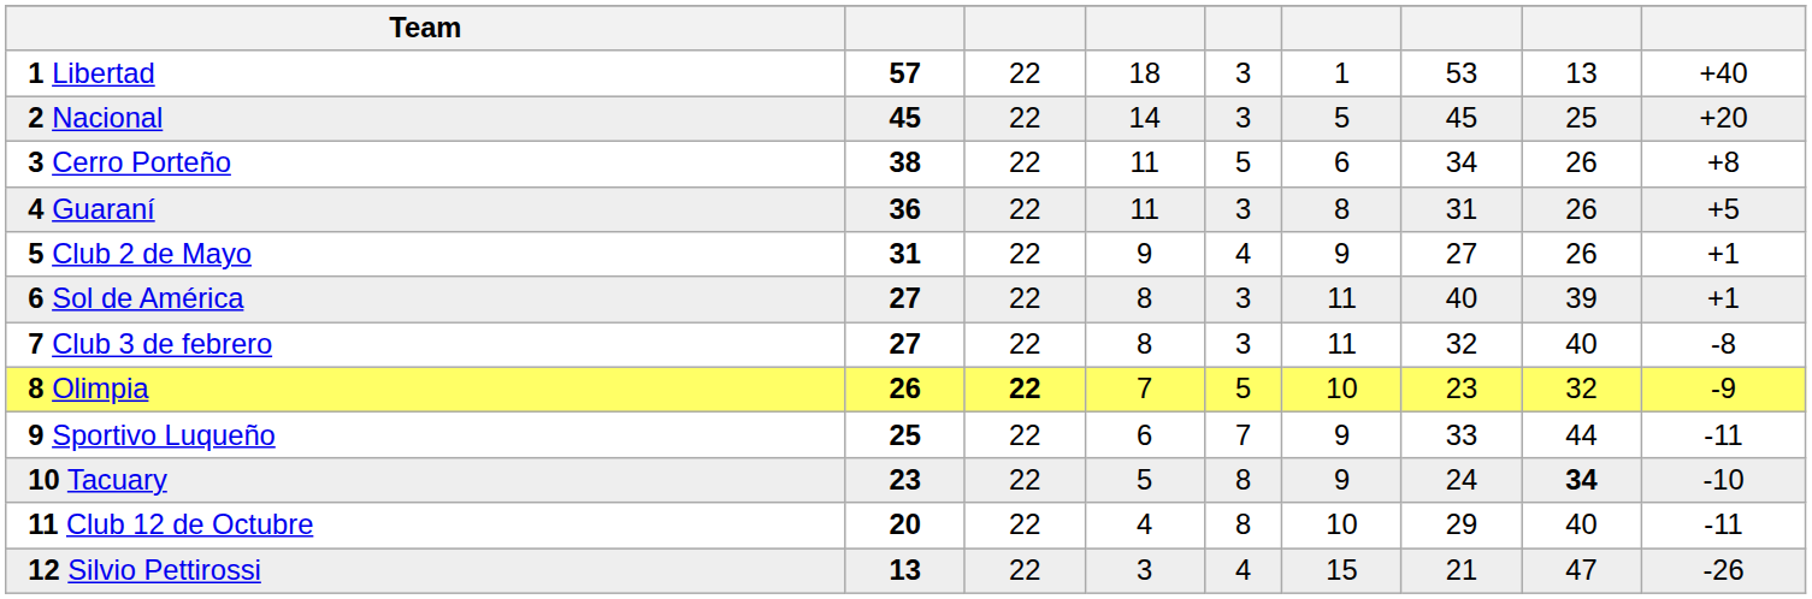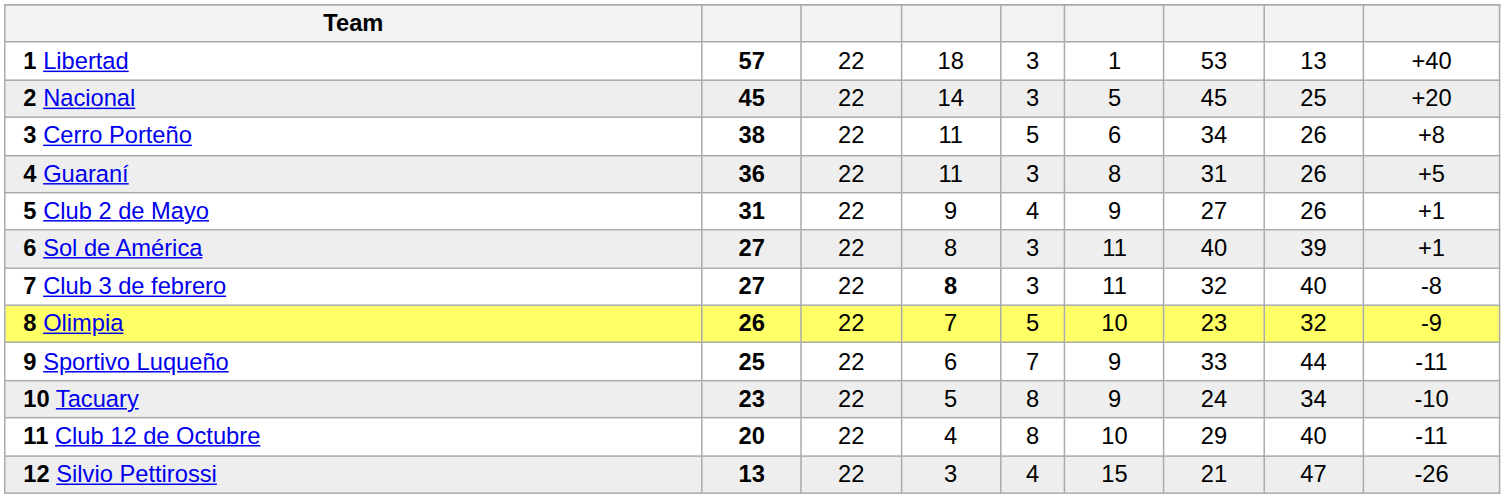 <table class="wikitable" width=80%>
 <tr style="background:#dddddd;">
 </tr>
 <tr style="background:#dddddd;">
 <th>Team</th>
 <th Pts></th>
 <th GP></th>
 <th W></th>
 <th D></th>
 <th L></th>
 <th GF></th>
 <th GA></th>
 <th DIFF></th>
 </tr>
 <tr align=center style="background:#ffffff;">
 <td align=left>  <strong>1</strong> <a href='#'>Libertad</a></td>
 <td><strong>57</strong></td>
 <td>22</td>
 <td>18</td>
 <td>3</td>
 <td>1</td>
 <td>53</td>
 <td>13</td>
 <td>+40</td>
 </tr>
 <tr align=center style="background:#eeeeee;">
 <td align=left>  <strong>2</strong> <a href='#'>Nacional</a></td>
 <td><strong>45</strong></td>
 <td>22</td>
 <td>14</td>
 <td>3</td>
 <td>5</td>
 <td>45</td>
 <td>25</td>
 <td>+20</td>
 </tr>
 <tr align=center style="background:#ffffff;">
 <td align=left>  <strong>3</strong> <a href='#'>Cerro Porteño</a></td>
 <td><strong>38</strong></td>
 <td>22</td>
 <td>11</td>
 <td>5</td>
 <td>6</td>
 <td>34</td>
 <td>26</td>
 <td>+8</td>
 </tr>
 <tr align=center style="background:#eeeeee;">
 <td align=left>  <strong>4</strong> <a href='#'>Guaraní</a></td>
 <td><strong>36</strong></td>
 <td>22</td>
 <td>11</td>
 <td>3</td>
 <td>8</td>
 <td>31</td>
 <td>26</td>
 <td>+5</td>
 </tr>
 <tr align=center style="background:#ffffff;">
 <td align=left>  <strong>5</strong> <a href='#'>Club 2 de Mayo</a></td>
 <td><strong>31</strong></td>
 <td>22</td>
 <td>9</td>
 <td>4</td>
 <td>9</td>
 <td>27</td>
 <td>26</td>
 <td>+1</td>
 </tr>
 <tr align=center style="background:#eeeeee;">
 <td align=left>  <strong>6</strong> <a href='#'>Sol de América</a></td>
 <td><strong>27</strong></td>
 <td>22</td>
 <td>8</td>
 <td>3</td>
 <td>11</td>
 <td>40</td>
 <td>39</td>
 <td>+1</td>
 </tr>
 <tr align=center style="background:#ffffff;">
 <td align=left>  <strong>7</strong> <a href='#'>Club 3 de febrero</a></td>
 <td><strong>27</strong></td>
 <td>22</td>
-<td>8</td>
+<td><strong>8</strong></td>
 <td>3</td>
 <td>11</td>
 <td>32</td>
 <td>40</td>
 <td>-8</td>
 </tr>
 <tr align=center style="background:#ffff66;">
 <td align=left>  <strong>8</strong> <a href='#'>Olimpia</a></td>
 <td><strong>26</strong></td>
-<td><strong>22</strong></td>
+<td>22</td>
 <td>7</td>
 <td>5</td>
 <td>10</td>
 <td>23</td>
 <td>32</td>
 <td>-9</td>
 </tr>
 <tr align=center style="background:#ffffff;">
 <td align=left>  <strong>9</strong> <a href='#'>Sportivo Luqueño</a></td>
 <td><strong>25</strong></td>
 <td>22</td>
 <td>6</td>
 <td>7</td>
 <td>9</td>
 <td>33</td>
 <td>44</td>
 <td>-11</td>
 </tr>
 <tr align=center style="background:#eeeeee;">
 <td align=left>  <strong>10</strong> <a href='#'>Tacuary</a></td>
 <td><strong>23</strong></td>
 <td>22</td>
 <td>5</td>
 <td>8</td>
 <td>9</td>
 <td>24</td>
-<td><strong>34</strong></td>
+<td>34</td>
 <td>-10</td>
 </tr>
 <tr align=center style="background:#ffffff;">
 <td align=left>  <strong>11</strong> <a href='#'>Club 12 de Octubre</a></td>
 <td><strong>20</strong></td>
 <td>22</td>
 <td>4</td>
 <td>8</td>
 <td>10</td>
 <td>29</td>
 <td>40</td>
 <td>-11</td>
 </tr>
 <tr align=center style="background:#eeeeee;">
 <td align=left>  <strong>12</strong> <a href='#'>Silvio Pettirossi</a></td>
 <td><strong>13</strong></td>
 <td>22</td>
 <td>3</td>
 <td>4</td>
 <td>15</td>
 <td>21</td>
 <td>47</td>
 <td>-26</td>
 </tr>
 </table>
